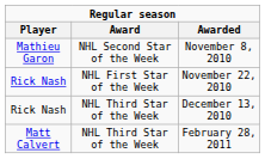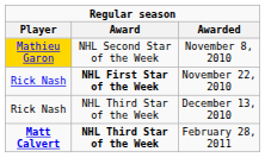 <table class="wikitable" width="52%">
 <tr>
 <td colspan="10" align="center"><strong>Regular season</strong></td>
 </tr>
 <tr>
 <th>Player</th>
 <th>Award</th>
 <th>Awarded</th>
 </tr>
 <tr align=center>
-<td><a href='#'>Mathieu Garon</a></td>
+<td style="background: gold;"><a href='#'>Mathieu Garon</a></td>
 <td>NHL Second Star of the Week</td>
 <td>November 8, 2010</td>
 </tr>
 <tr align=center>
 <td><a href='#'>Rick Nash</a></td>
-<td>NHL First Star of the Week</td>
+<td><strong>NHL First Star of the Week</strong></td>
 <td>November 22, 2010</td>
 </tr>
 <tr align=center>
 <td>Rick Nash</td>
 <td>NHL Third Star of the Week</td>
 <td>December 13, 2010</td>
 </tr>
 <tr align=center>
-<td><a href='#'>Matt Calvert</a></td>
-<td>NHL Third Star of the Week</td>
+<td><strong><a href='#'>Matt Calvert</a></strong></td>
+<td><strong>NHL Third Star of the Week</strong></td>
 <td>February 28, 2011</td>
 </tr>
 </table>
